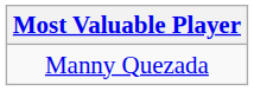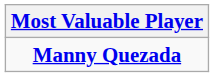 <table class=wikitable style="text-align:center; margin:auto">
 <tr>
 <th><a href='#'>Most Valuable Player</a></th>
 </tr>
 <tr>
-<td> <a href='#'>Manny Quezada</a></td>
+<td><strong> <a href='#'>Manny Quezada</a></strong></td>
 </tr>
 </table>
